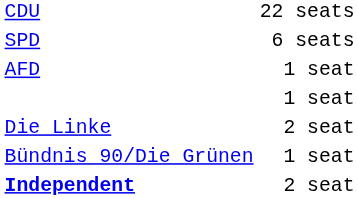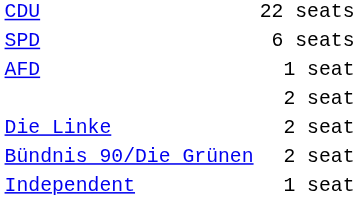 <table class=c>
 <tr>
 <td><a href='#'>CDU</a></td>
 <td align="right">22 seats</td>
 </tr>
 <tr>
 <td><a href='#'>SPD</a></td>
 <td align="right">6 seats</td>
 </tr>
 <tr>
 <td><a href='#'>AFD</a></td>
 <td align="right">1 seat</td>
 </tr>
 <tr>
 <td></td>
-<td align="right">1 seat</td>
+<td align="right">2 seat</td>
 </tr>
 <tr>
 <td><a href='#'>Die Linke</a></td>
 <td align="right">2 seat</td>
 </tr>
 <tr>
 <td><a href='#'>Bündnis 90/Die Grünen</a></td>
-<td align="right">1 seat</td>
+<td align="right">2 seat</td>
 </tr>
 <tr>
-<td><strong><a href='#'>Independent</a></strong></td>
-<td align="right">2 seat</td>
+<td><a href='#'>Independent</a></td>
+<td align="right">1 seat</td>
 </tr>
 <tr>
 <td></td>
 </tr>
 </table>
